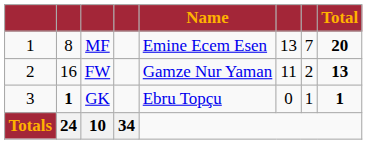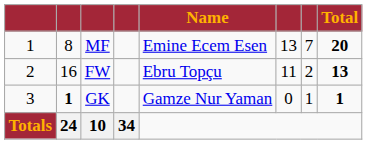 <table class="wikitable" style="text-align:center">
 <tr>
 <th style="background:#A32638; color:#FFB300; "></th>
 <th style="background:#A32638; color:#FFB300; "></th>
 <th style="background:#A32638; color:#FFB300; "></th>
 <th style="background:#A32638; color:#FFB300; "></th>
 <th style="background:#A32638; color:#FFB300; ">Name</th>
 <th style="background:#A32638; color:#FFB300; "></th>
 <th style="background:#A32638; color:#FFB300; "></th>
 <th style="background:#A32638; color:#FFB300; ">Total</th>
 </tr>
 <tr>
 <td>1</td>
 <td>8</td>
 <td><a href='#'>MF</a></td>
 <td></td>
 <td align=left><a href='#'>Emine Ecem Esen</a></td>
 <td>13</td>
 <td>7</td>
 <td><strong>20</strong></td>
 </tr>
 <tr>
 <td>2</td>
 <td>16</td>
 <td><a href='#'>FW</a></td>
 <td></td>
-<td align=left><a href='#'>Gamze Nur Yaman</a></td>
+<td align=left><a href='#'>Ebru Topçu</a></td>
 <td>11</td>
 <td>2</td>
 <td><strong>13</strong></td>
 </tr>
 <tr>
 <td>3</td>
 <td><strong>1</strong></td>
 <td><a href='#'>GK</a></td>
 <td></td>
-<td align=left><a href='#'>Ebru Topçu</a></td>
+<td align=left><a href='#'>Gamze Nur Yaman</a></td>
 <td>0</td>
 <td>1</td>
 <td><strong>1</strong></td>
 </tr>
 <tr>
 <td style="background:#A32638; color:#FFB300; "><strong>Totals</strong></td>
 <th><strong>24</strong></th>
 <th><strong>10</strong></th>
 <th><strong>34</strong></th>
 </tr>
 </table>
